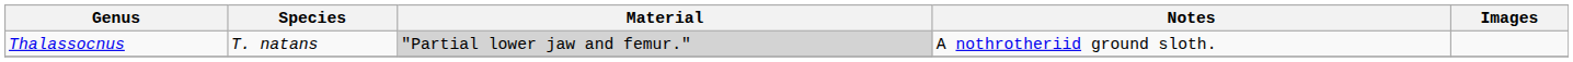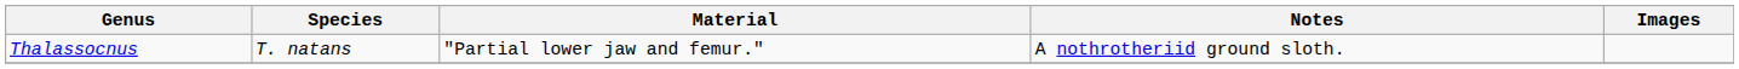 <table class="wikitable" align="center" width="100%">
 <tr>
 <th>Genus</th>
 <th>Species</th>
 <th>Material</th>
 <th>Notes</th>
 <th>Images</th>
 </tr>
 <tr>
 <td><em><a href='#'>Thalassocnus</a></em></td>
 <td><em>T. natans</em></td>
-<td style="background: lightgrey;">"Partial lower jaw and femur."</td>
+<td>"Partial lower jaw and femur."</td>
 <td>A <a href='#'>nothrotheriid</a> ground sloth.</td>
 <td></td>
 </tr>
 <tr>
 </tr>
 </table>
